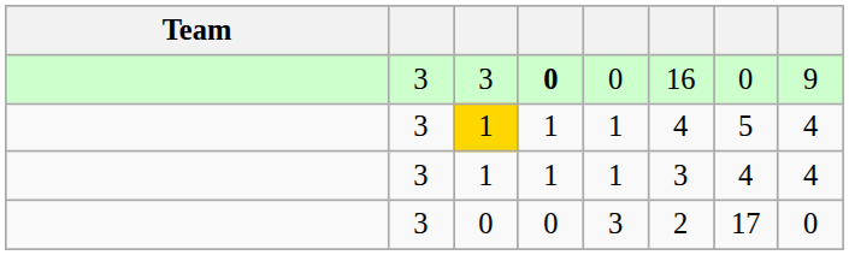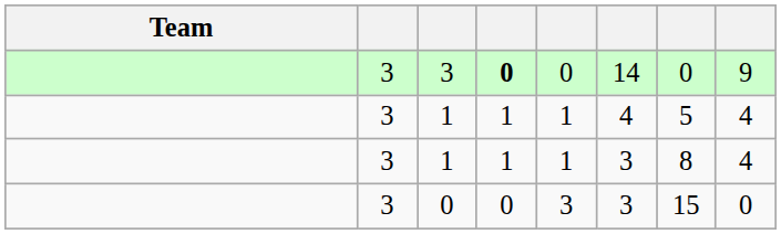 <table class="wikitable" style="text-align: center; font-size: 90%;">
 <tr>
 <th width=180>Team</th>
 <th width=25></th>
 <th width=25></th>
 <th width=25></th>
 <th width=25></th>
 <th width=25></th>
 <th width=25></th>
 <th width=25></th>
 </tr>
 <tr bgcolor=#ccffcc>
 <td align=left></td>
 <td>3</td>
 <td>3</td>
 <td><strong>0</strong></td>
 <td>0</td>
-<td>16</td>
+<td>14</td>
 <td>0</td>
 <td>9</td>
 </tr>
 <tr>
 <td align=left></td>
 <td>3</td>
-<td style="background: gold;">1</td>
+<td>1</td>
 <td>1</td>
 <td>1</td>
 <td>4</td>
 <td>5</td>
 <td>4</td>
 </tr>
 <tr>
 <td align=left></td>
 <td>3</td>
 <td>1</td>
 <td>1</td>
 <td>1</td>
 <td>3</td>
-<td>4</td>
+<td>8</td>
 <td>4</td>
 </tr>
 <tr>
 <td align=left></td>
 <td>3</td>
 <td>0</td>
 <td>0</td>
 <td>3</td>
-<td>2</td>
-<td>17</td>
+<td>3</td>
+<td>15</td>
 <td>0</td>
 </tr>
 </table>
